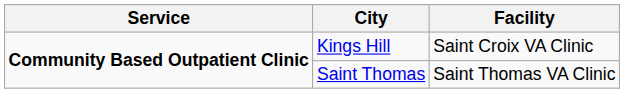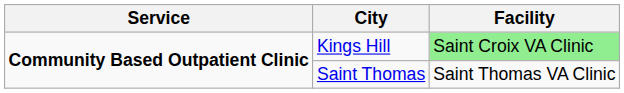 <table class="wikitable">
 <tr>
 <th>Service</th>
 <th>City</th>
 <th>Facility</th>
 </tr>
 <tr>
 <td rowspan=2><strong>Community Based Outpatient Clinic</strong></td>
 <td><a href='#'>Kings Hill</a></td>
-<td>Saint Croix VA Clinic</td>
+<td style="background: lightgreen;">Saint Croix VA Clinic</td>
 </tr>
 <tr>
 <td><a href='#'>Saint Thomas</a></td>
 <td>Saint Thomas VA Clinic</td>
 </tr>
 </table>
